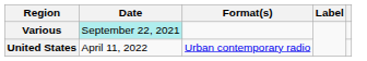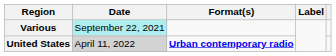 <table class="wikitable plainrowheaders">
 <tr>
 <th scope="col">Region</th>
 <th scope="col">Date</th>
 <th scope="col">Format(s)</th>
 <th scope="col">Label</th>
 <th scope="col"></th>
 </tr>
 <tr>
 <th scope="row">Various</th>
 <td style="background: paleturquoise;">September 22, 2021</td>
 <td></td>
 <td rowspan="2"></td>
 <td align="center"></td>
 </tr>
 <tr>
 <th scope="row"rowspan="2">United States</th>
-<td>April 11, 2022</td>
-<td><a href='#'>Urban contemporary radio</a></td>
+<td style="background: lightgrey;">April 11, 2022</td>
+<td><strong><a href='#'>Urban contemporary radio</a></strong></td>
 <td align="center"></td>
 </tr>
 </table>
